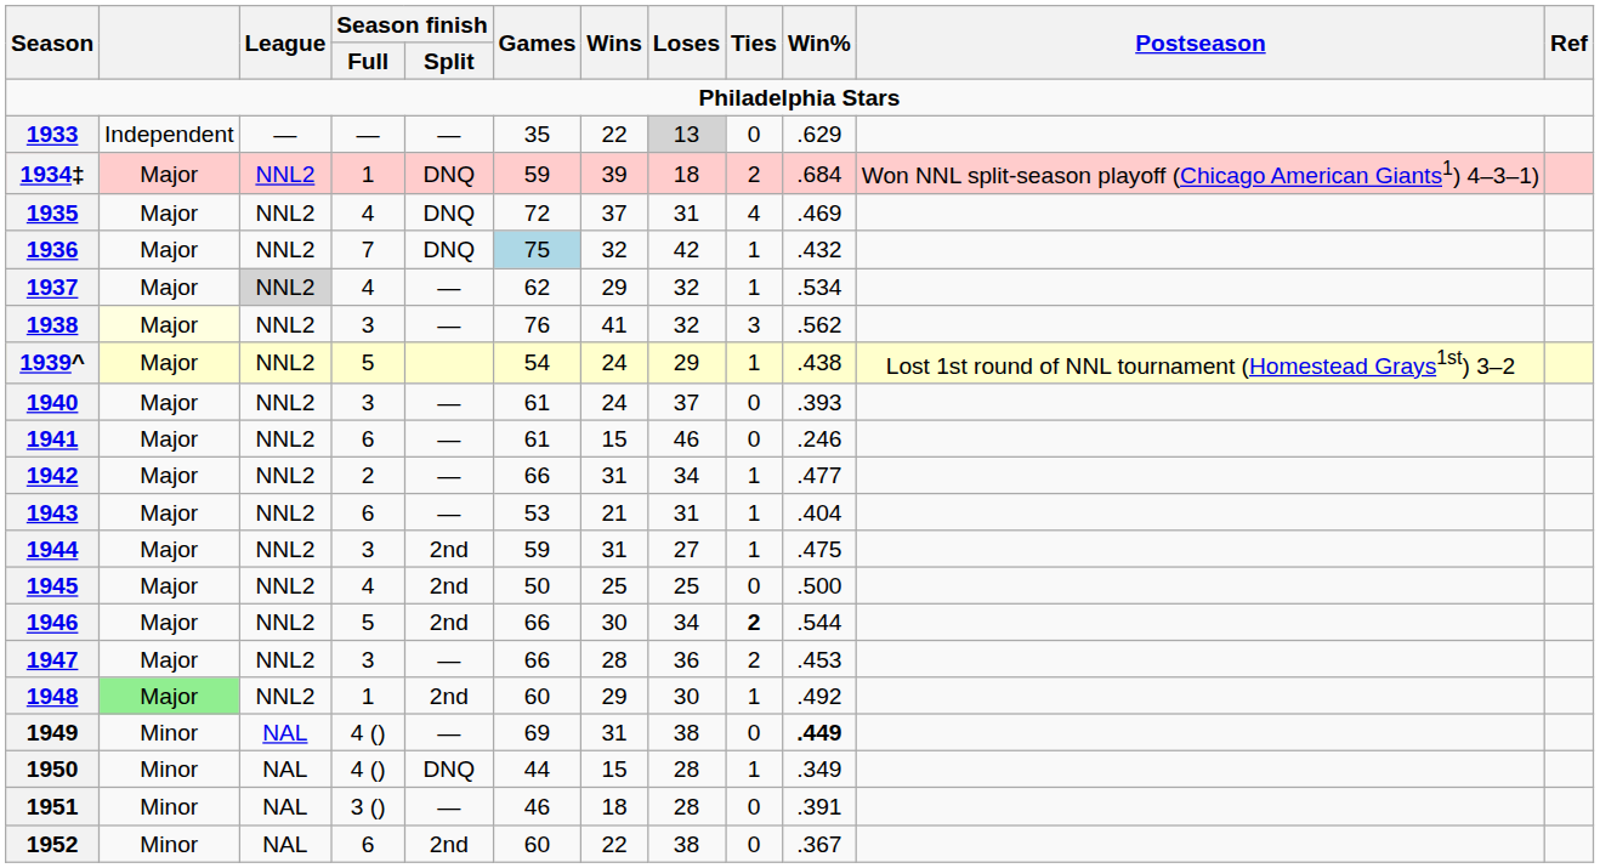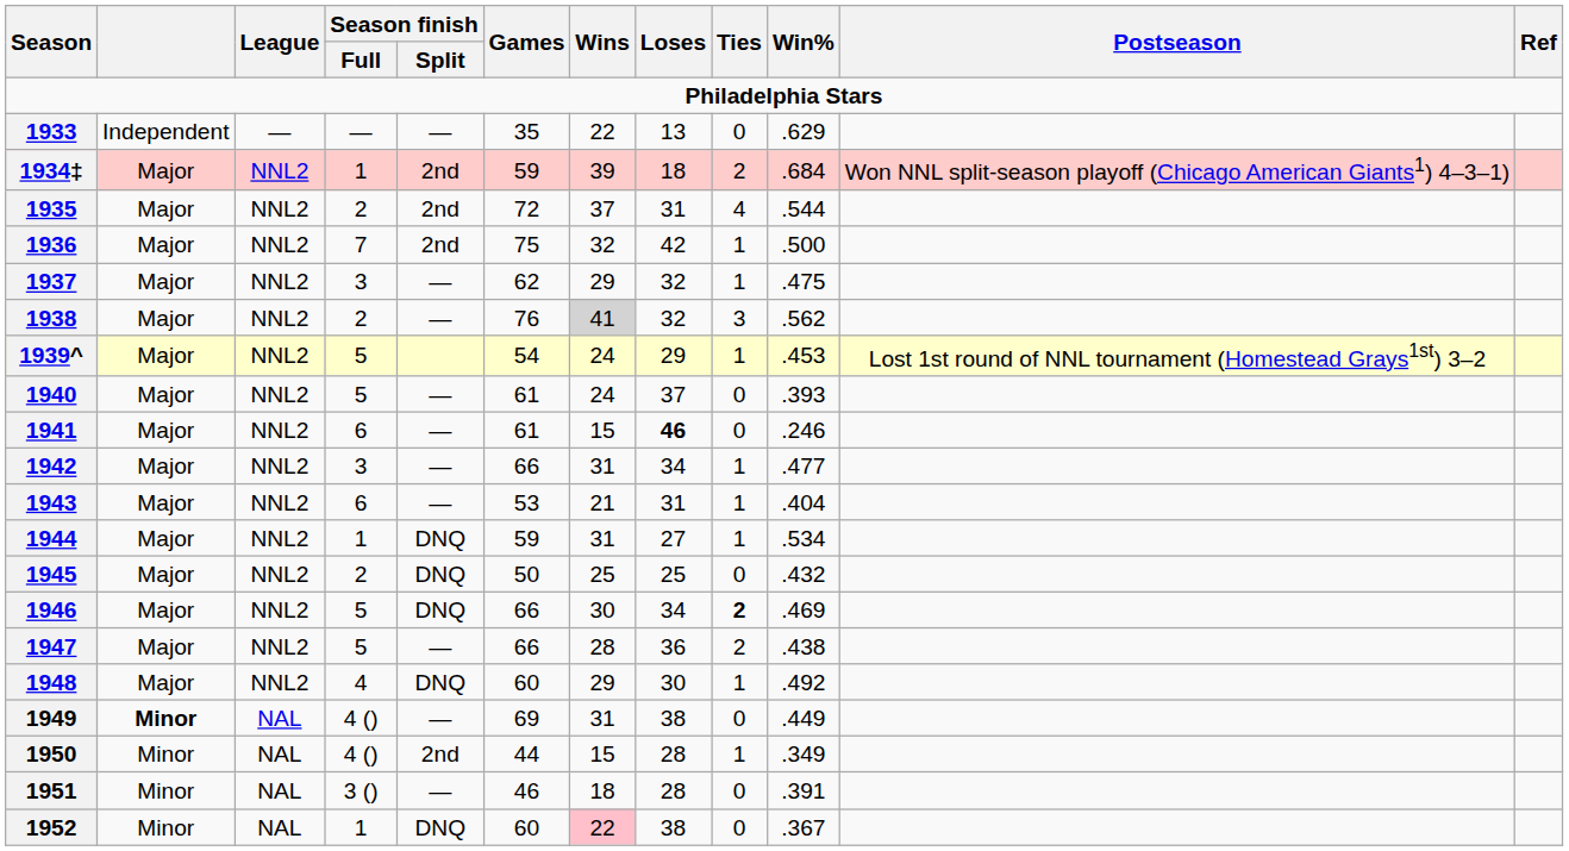 <table class="wikitable sortable" style="text-align:center; font-size:95%">
 <tr>
 <th rowspan="2">Season</th>
 <th rowspan="2"></th>
 <th rowspan="2">League</th>
 <th colspan="2">Season finish</th>
 <th rowspan="2">Games</th>
 <th rowspan="2">Wins</th>
 <th rowspan="2">Loses</th>
 <th rowspan="2">Ties</th>
 <th rowspan="2">Win%</th>
 <th rowspan="2"><a href='#'>Postseason</a></th>
 <th rowspan="2">Ref</th>
 </tr>
 <tr>
 <th>Full</th>
 <th>Split</th>
 </tr>
 <tr>
 <td align="center" colspan="12"><strong>Philadelphia Stars</strong></td>
 </tr>
 <tr>
 <th><a href='#'>1933</a></th>
 <td>Independent</td>
 <td>—</td>
 <td>—</td>
 <td>—</td>
 <td>35</td>
 <td>22</td>
-<td style="background: lightgrey;">13</td>
+<td>13</td>
 <td>0</td>
 <td>.629</td>
 <td></td>
 <td></td>
 </tr>
 <tr bgcolor="#FFCCCC">
 <th><a href='#'>1934</a>‡</th>
 <td>Major</td>
 <td><a href='#'>NNL2</a></td>
 <td>1</td>
-<td>DNQ</td>
+<td>2nd</td>
 <td>59</td>
 <td>39</td>
 <td>18</td>
 <td>2</td>
 <td>.684</td>
 <td>Won NNL split-season playoff (<a href='#'>Chicago American Giants</a><sup>1</sup>) 4–3–1)</td>
 <td></td>
 </tr>
 <tr>
 <th><a href='#'>1935</a></th>
 <td>Major</td>
 <td>NNL2</td>
-<td>4</td>
-<td>DNQ</td>
+<td>2</td>
+<td>2nd</td>
 <td>72</td>
 <td>37</td>
 <td>31</td>
 <td>4</td>
-<td>.469</td>
+<td>.544</td>
 <td></td>
 <td></td>
 </tr>
 <tr>
 <th><a href='#'>1936</a></th>
 <td>Major</td>
 <td>NNL2</td>
 <td>7</td>
-<td>DNQ</td>
-<td style="background: lightblue;">75</td>
+<td>2nd</td>
+<td>75</td>
 <td>32</td>
 <td>42</td>
 <td>1</td>
-<td>.432</td>
+<td>.500</td>
 <td></td>
 <td></td>
 </tr>
 <tr>
 <th><a href='#'>1937</a></th>
 <td>Major</td>
-<td style="background: lightgrey;">NNL2</td>
-<td>4</td>
+<td>NNL2</td>
+<td>3</td>
 <td>—</td>
 <td>62</td>
 <td>29</td>
 <td>32</td>
 <td>1</td>
-<td>.534</td>
+<td>.475</td>
 <td></td>
 <td></td>
 </tr>
 <tr>
 <th><a href='#'>1938</a></th>
-<td style="background: lightyellow;">Major</td>
+<td>Major</td>
 <td>NNL2</td>
-<td>3</td>
+<td>2</td>
 <td>—</td>
 <td>76</td>
-<td>41</td>
+<td style="background: lightgrey;">41</td>
 <td>32</td>
 <td>3</td>
 <td>.562</td>
 <td></td>
 <td></td>
 </tr>
 <tr bgcolor="#FFFFCC">
 <th><a href='#'>1939</a>^</th>
 <td>Major</td>
 <td>NNL2</td>
 <td>5</td>
 <td></td>
 <td>54</td>
 <td>24</td>
 <td>29</td>
 <td>1</td>
-<td>.438</td>
+<td>.453</td>
 <td>Lost 1st round of NNL tournament (<a href='#'>Homestead Grays</a><sup>1st</sup>) 3–2</td>
 <td></td>
 </tr>
 <tr>
 <th><a href='#'>1940</a></th>
 <td>Major</td>
 <td>NNL2</td>
-<td>3</td>
+<td>5</td>
 <td>—</td>
 <td>61</td>
 <td>24</td>
 <td>37</td>
 <td>0</td>
 <td>.393</td>
 <td></td>
 <td></td>
 </tr>
 <tr>
 <th><a href='#'>1941</a></th>
 <td>Major</td>
 <td>NNL2</td>
 <td>6</td>
 <td>—</td>
 <td>61</td>
 <td>15</td>
-<td>46</td>
+<td><strong>46</strong></td>
 <td>0</td>
 <td>.246</td>
 <td></td>
 <td></td>
 </tr>
 <tr>
 <th><a href='#'>1942</a></th>
 <td>Major</td>
 <td>NNL2</td>
-<td>2</td>
+<td>3</td>
 <td>—</td>
 <td>66</td>
 <td>31</td>
 <td>34</td>
 <td>1</td>
 <td>.477</td>
 <td></td>
 <td></td>
 </tr>
 <tr>
 <th><a href='#'>1943</a></th>
 <td>Major</td>
 <td>NNL2</td>
 <td>6</td>
 <td>—</td>
 <td>53</td>
 <td>21</td>
 <td>31</td>
 <td>1</td>
 <td>.404</td>
 <td></td>
 <td></td>
 </tr>
 <tr>
 <th><a href='#'>1944</a></th>
 <td>Major</td>
 <td>NNL2</td>
-<td>3</td>
-<td>2nd</td>
+<td>1</td>
+<td>DNQ</td>
 <td>59</td>
 <td>31</td>
 <td>27</td>
 <td>1</td>
-<td>.475</td>
+<td>.534</td>
 <td></td>
 <td></td>
 </tr>
 <tr>
 <th><a href='#'>1945</a></th>
 <td>Major</td>
 <td>NNL2</td>
-<td>4</td>
-<td>2nd</td>
+<td>2</td>
+<td>DNQ</td>
 <td>50</td>
 <td>25</td>
 <td>25</td>
 <td>0</td>
-<td>.500</td>
+<td>.432</td>
 <td></td>
 <td></td>
 </tr>
 <tr>
 <th><a href='#'>1946</a></th>
 <td>Major</td>
 <td>NNL2</td>
 <td>5</td>
-<td>2nd</td>
+<td>DNQ</td>
 <td>66</td>
 <td>30</td>
 <td>34</td>
 <td><strong>2</strong></td>
-<td>.544</td>
+<td>.469</td>
 <td></td>
 <td></td>
 </tr>
 <tr>
 <th><a href='#'>1947</a></th>
 <td>Major</td>
 <td>NNL2</td>
-<td>3</td>
+<td>5</td>
 <td>—</td>
 <td>66</td>
 <td>28</td>
 <td>36</td>
 <td>2</td>
-<td>.453</td>
+<td>.438</td>
 <td></td>
 <td></td>
 </tr>
 <tr>
 <th><a href='#'>1948</a></th>
-<td style="background: lightgreen;">Major</td>
+<td>Major</td>
 <td>NNL2</td>
-<td>1</td>
-<td>2nd</td>
+<td>4</td>
+<td>DNQ</td>
 <td>60</td>
 <td>29</td>
 <td>30</td>
 <td>1</td>
 <td>.492</td>
 <td></td>
 <td></td>
 </tr>
 <tr>
 <th>1949</th>
-<td>Minor</td>
+<td><strong>Minor</strong></td>
 <td><a href='#'>NAL</a></td>
 <td>4 ()</td>
 <td>—</td>
 <td>69</td>
 <td>31</td>
 <td>38</td>
 <td>0</td>
-<td><strong>.449</strong></td>
+<td>.449</td>
 <td></td>
 <td></td>
 </tr>
 <tr>
 <th>1950</th>
 <td>Minor</td>
 <td>NAL</td>
 <td>4 ()</td>
-<td>DNQ</td>
+<td>2nd</td>
 <td>44</td>
 <td>15</td>
 <td>28</td>
 <td>1</td>
 <td>.349</td>
 <td></td>
 <td></td>
 </tr>
 <tr>
 <th>1951</th>
 <td>Minor</td>
 <td>NAL</td>
 <td>3 ()</td>
 <td>—</td>
 <td>46</td>
 <td>18</td>
 <td>28</td>
 <td>0</td>
 <td>.391</td>
 <td></td>
 <td></td>
 </tr>
 <tr>
 <th>1952</th>
 <td>Minor</td>
 <td>NAL</td>
-<td>6</td>
-<td>2nd</td>
+<td>1</td>
+<td>DNQ</td>
 <td>60</td>
-<td>22</td>
+<td style="background: pink;">22</td>
 <td>38</td>
 <td>0</td>
 <td>.367</td>
 <td></td>
 <td></td>
 </tr>
 </table>
